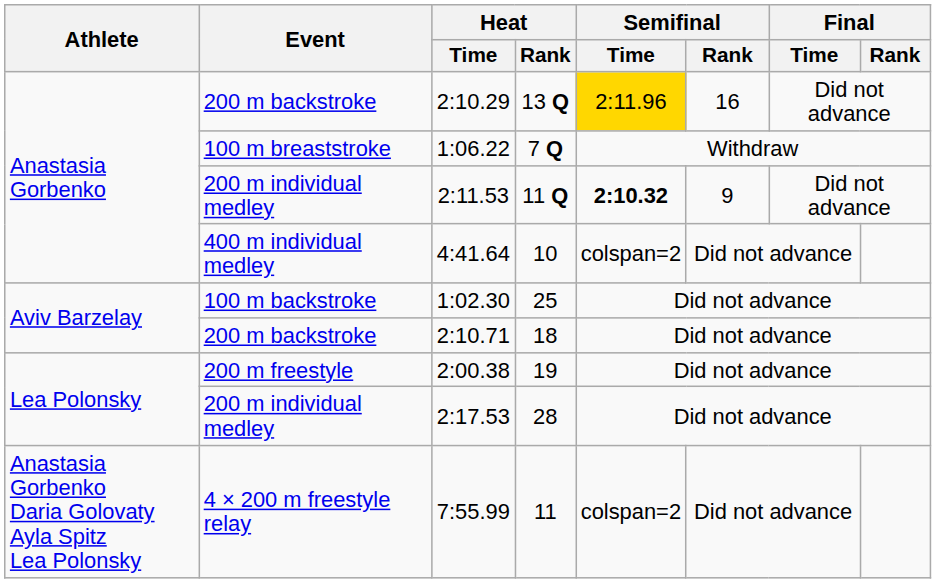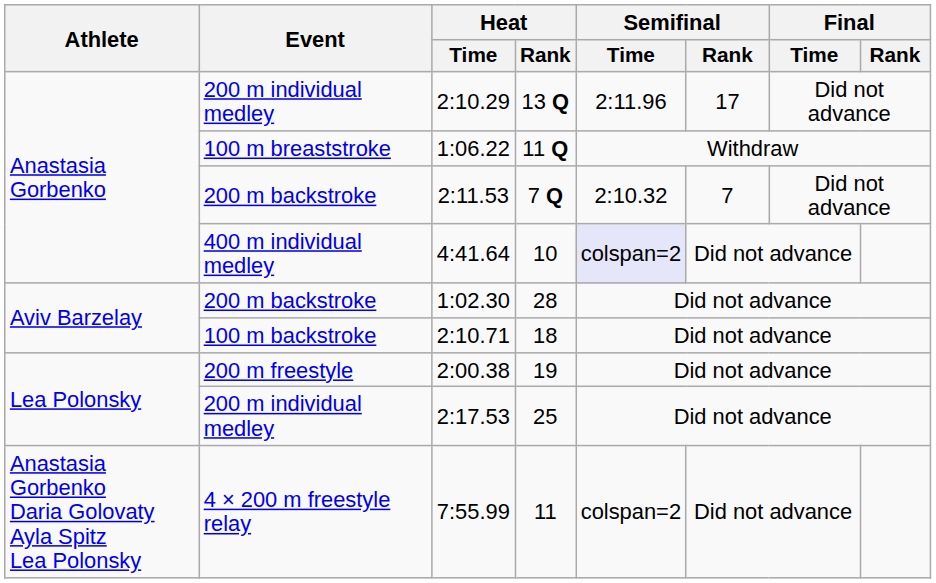 <table class=wikitable style="font-size:90%; text-align:center;">
 <tr>
 <th rowspan=2>Athlete</th>
 <th rowspan=2>Event</th>
 <th colspan=2>Heat</th>
 <th colspan=2>Semifinal</th>
 <th colspan=2>Final</th>
 </tr>
 <tr style="font-size:95%">
 <th>Time</th>
 <th>Rank</th>
 <th>Time</th>
 <th>Rank</th>
 <th>Time</th>
 <th>Rank</th>
 </tr>
 <tr>
 <td align=left rowspan=4><a href='#'>Anastasia Gorbenko</a></td>
-<td align=left><a href='#'>200 m backstroke</a></td>
+<td align=left><a href='#'>200 m individual medley</a></td>
 <td>2:10.29</td>
 <td>13 <strong>Q</strong></td>
-<td style="background: gold;">2:11.96</td>
-<td>16</td>
+<td>2:11.96</td>
+<td>17</td>
 <td colspan=2>Did not advance</td>
 </tr>
 <tr>
 <td align=left><a href='#'>100 m breaststroke</a></td>
 <td>1:06.22</td>
-<td>7 <strong>Q</strong></td>
+<td>11 <strong>Q</strong></td>
 <td colspan=4>Withdraw</td>
 </tr>
 <tr>
-<td align=left><a href='#'>200 m individual medley</a></td>
+<td align=left><a href='#'>200 m backstroke</a></td>
 <td>2:11.53</td>
-<td>11 <strong>Q</strong></td>
-<td><strong>2:10.32</strong></td>
-<td>9</td>
+<td>7 <strong>Q</strong></td>
+<td>2:10.32</td>
+<td>7</td>
 <td colspan=2>Did not advance</td>
 </tr>
 <tr>
 <td align=left><a href='#'>400 m individual medley</a></td>
 <td>4:41.64</td>
 <td>10</td>
-<td>colspan=2 </td>
+<td style="background: lavender;">colspan=2 </td>
 <td colspan=2>Did not advance</td>
 </tr>
 <tr>
 <td align=left rowspan=2><a href='#'>Aviv Barzelay</a></td>
-<td align=left><a href='#'>100 m backstroke</a></td>
+<td align=left><a href='#'>200 m backstroke</a></td>
 <td>1:02.30</td>
-<td>25</td>
+<td>28</td>
 <td colspan=4>Did not advance</td>
 </tr>
 <tr>
-<td align=left><a href='#'>200 m backstroke</a></td>
+<td align=left><a href='#'>100 m backstroke</a></td>
 <td>2:10.71</td>
 <td>18</td>
 <td colspan=4>Did not advance</td>
 </tr>
 <tr>
 <td align=left rowspan=2><a href='#'>Lea Polonsky</a></td>
 <td align=left><a href='#'>200 m freestyle</a></td>
 <td>2:00.38</td>
 <td>19</td>
 <td colspan=4>Did not advance</td>
 </tr>
 <tr>
 <td align=left><a href='#'>200 m individual medley</a></td>
 <td>2:17.53</td>
-<td>28</td>
+<td>25</td>
 <td colspan=4>Did not advance</td>
 </tr>
 <tr>
 <td align=left><a href='#'>Anastasia Gorbenko</a><br><a href='#'>Daria Golovaty</a><br><a href='#'>Ayla Spitz</a><br><a href='#'>Lea Polonsky</a></td>
 <td align=left><a href='#'>4 × 200 m freestyle relay</a></td>
 <td>7:55.99</td>
 <td>11</td>
 <td>colspan=2 </td>
 <td colspan=2>Did not advance</td>
 </tr>
 </table>
